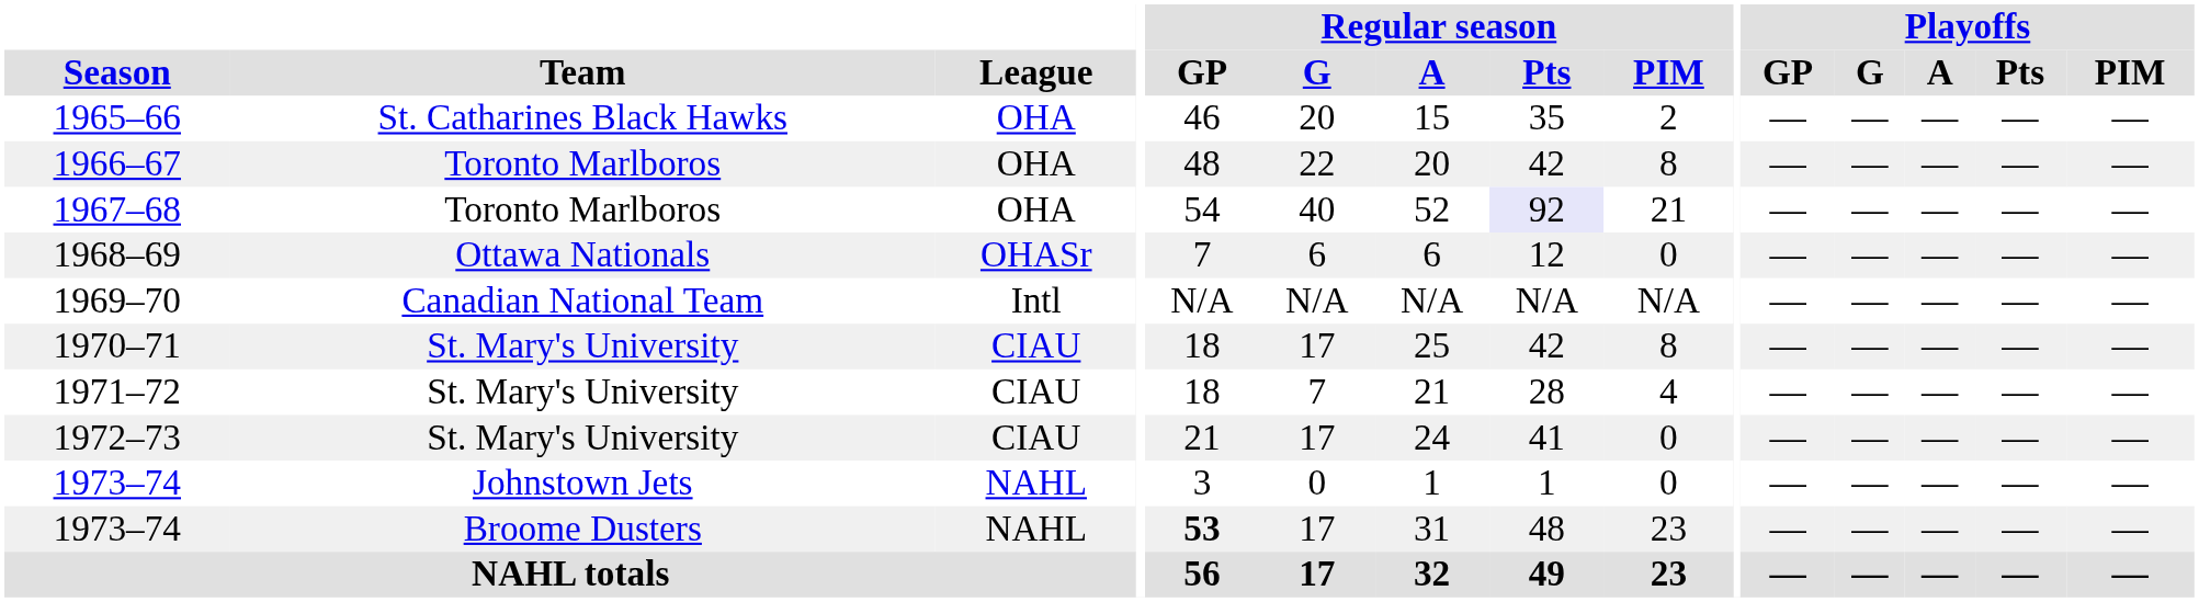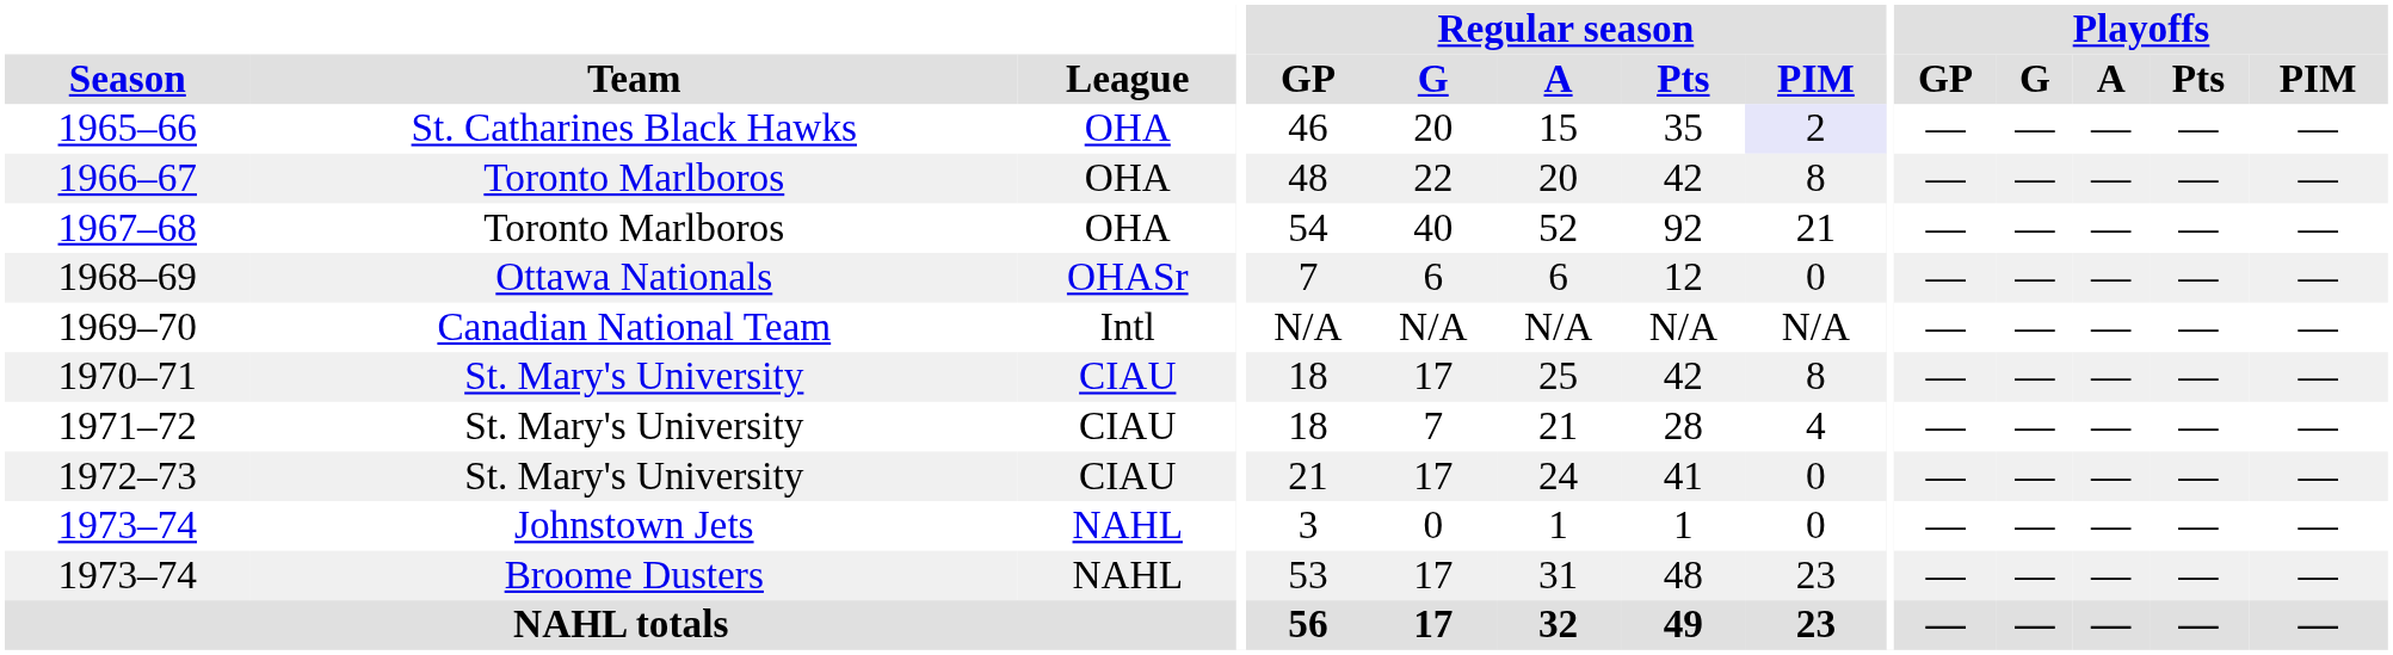 <table border="0" cellpadding="1" cellspacing="0" style="text-align:center; width:60em">
 <tr bgcolor="#e0e0e0">
 <th colspan="3" bgcolor="#ffffff"></th>
 <th rowspan="99" bgcolor="#ffffff"></th>
 <th colspan="5"><a href='#'>Regular season</a></th>
 <th rowspan="99" bgcolor="#ffffff"></th>
 <th colspan="5"><a href='#'>Playoffs</a></th>
 </tr>
 <tr bgcolor="#e0e0e0">
 <th><a href='#'>Season</a></th>
 <th>Team</th>
 <th>League</th>
 <th>GP</th>
 <th><a href='#'>G</a></th>
 <th><a href='#'>A</a></th>
 <th><a href='#'>Pts</a></th>
 <th><a href='#'>PIM</a></th>
 <th>GP</th>
 <th>G</th>
 <th>A</th>
 <th>Pts</th>
 <th>PIM</th>
 </tr>
 <tr>
 <td><a href='#'>1965–66</a></td>
 <td><a href='#'>St. Catharines Black Hawks</a></td>
 <td><a href='#'>OHA</a></td>
 <td>46</td>
 <td>20</td>
 <td>15</td>
 <td>35</td>
-<td>2</td>
+<td style="background: lavender;">2</td>
 <td>—</td>
 <td>—</td>
 <td>—</td>
 <td>—</td>
 <td>—</td>
 </tr>
 <tr bgcolor="#f0f0f0">
 <td><a href='#'>1966–67</a></td>
 <td><a href='#'>Toronto Marlboros</a></td>
 <td>OHA</td>
 <td>48</td>
 <td>22</td>
 <td>20</td>
 <td>42</td>
 <td>8</td>
 <td>—</td>
 <td>—</td>
 <td>—</td>
 <td>—</td>
 <td>—</td>
 </tr>
 <tr>
 <td><a href='#'>1967–68</a></td>
 <td>Toronto Marlboros</td>
 <td>OHA</td>
 <td>54</td>
 <td>40</td>
 <td>52</td>
-<td style="background: lavender;">92</td>
+<td>92</td>
 <td>21</td>
 <td>—</td>
 <td>—</td>
 <td>—</td>
 <td>—</td>
 <td>—</td>
 </tr>
 <tr bgcolor="#f0f0f0">
 <td>1968–69</td>
 <td><a href='#'>Ottawa Nationals</a></td>
 <td><a href='#'>OHASr</a></td>
 <td>7</td>
 <td>6</td>
 <td>6</td>
 <td>12</td>
 <td>0</td>
 <td>—</td>
 <td>—</td>
 <td>—</td>
 <td>—</td>
 <td>—</td>
 </tr>
 <tr>
 <td>1969–70</td>
 <td><a href='#'>Canadian National Team</a></td>
 <td>Intl</td>
 <td>N/A</td>
 <td>N/A</td>
 <td>N/A</td>
 <td>N/A</td>
 <td>N/A</td>
 <td>—</td>
 <td>—</td>
 <td>—</td>
 <td>—</td>
 <td>—</td>
 </tr>
 <tr bgcolor="#f0f0f0">
 <td>1970–71</td>
 <td><a href='#'>St. Mary's University</a></td>
 <td><a href='#'>CIAU</a></td>
 <td>18</td>
 <td>17</td>
 <td>25</td>
 <td>42</td>
 <td>8</td>
 <td>—</td>
 <td>—</td>
 <td>—</td>
 <td>—</td>
 <td>—</td>
 </tr>
 <tr>
 <td>1971–72</td>
 <td>St. Mary's University</td>
 <td>CIAU</td>
 <td>18</td>
 <td>7</td>
 <td>21</td>
 <td>28</td>
 <td>4</td>
 <td>—</td>
 <td>—</td>
 <td>—</td>
 <td>—</td>
 <td>—</td>
 </tr>
 <tr bgcolor="#f0f0f0">
 <td>1972–73</td>
 <td>St. Mary's University</td>
 <td>CIAU</td>
 <td>21</td>
 <td>17</td>
 <td>24</td>
 <td>41</td>
 <td>0</td>
 <td>—</td>
 <td>—</td>
 <td>—</td>
 <td>—</td>
 <td>—</td>
 </tr>
 <tr>
 <td><a href='#'>1973–74</a></td>
 <td><a href='#'>Johnstown Jets</a></td>
 <td><a href='#'>NAHL</a></td>
 <td>3</td>
 <td>0</td>
 <td>1</td>
 <td>1</td>
 <td>0</td>
 <td>—</td>
 <td>—</td>
 <td>—</td>
 <td>—</td>
 <td>—</td>
 </tr>
 <tr bgcolor="#f0f0f0">
 <td>1973–74</td>
 <td><a href='#'>Broome Dusters</a></td>
 <td>NAHL</td>
-<td><strong>53</strong></td>
+<td>53</td>
 <td>17</td>
 <td>31</td>
 <td>48</td>
 <td>23</td>
 <td>—</td>
 <td>—</td>
 <td>—</td>
 <td>—</td>
 <td>—</td>
 </tr>
 <tr bgcolor="#e0e0e0">
 <th colspan="3">NAHL totals</th>
 <th>56</th>
 <th>17</th>
 <th>32</th>
 <th>49</th>
 <th>23</th>
 <th>—</th>
 <th>—</th>
 <th>—</th>
 <th>—</th>
 <th>—</th>
 </tr>
 </table>
